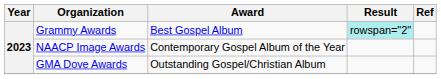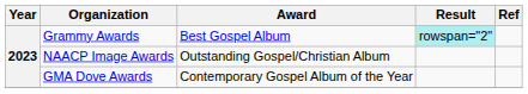 <table class="wikitable plainrowheaders">
 <tr>
 <th>Year</th>
 <th>Organization</th>
 <th>Award</th>
 <th>Result</th>
 <th>Ref</th>
 </tr>
 <tr>
 <th scope="row" rowspan="3">2023</th>
 <td><a href='#'>Grammy Awards</a></td>
 <td><a href='#'>Best Gospel Album</a></td>
 <td style="background: paleturquoise;">rowspan="2" </td>
 <td></td>
 </tr>
 <tr>
 <td><a href='#'>NAACP Image Awards</a></td>
-<td>Contemporary Gospel Album of the Year</td>
+<td>Outstanding Gospel/Christian Album</td>
 <td></td>
 </tr>
 <tr>
 <td><a href='#'>GMA Dove Awards</a></td>
-<td>Outstanding Gospel/Christian Album</td>
+<td>Contemporary Gospel Album of the Year</td>
 <td></td>
 <td></td>
 </tr>
 <tr>
 </tr>
 </table>
